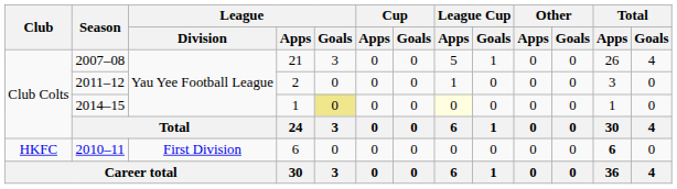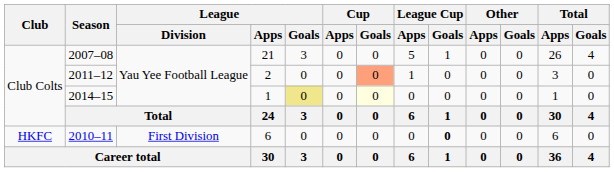 <table class="wikitable" style="text-align: center">
 <tr>
 <th rowspan="2">Club</th>
 <th rowspan="2">Season</th>
 <th colspan="3">League</th>
 <th colspan="2">Cup</th>
 <th colspan="2">League Cup</th>
 <th colspan="2">Other</th>
 <th colspan="2">Total</th>
 </tr>
 <tr>
 <th>Division</th>
 <th>Apps</th>
 <th>Goals</th>
 <th>Apps</th>
 <th>Goals</th>
 <th>Apps</th>
 <th>Goals</th>
 <th>Apps</th>
 <th>Goals</th>
 <th>Apps</th>
 <th>Goals</th>
 </tr>
 <tr>
 <td rowspan="4">Club Colts</td>
 <td>2007–08</td>
 <td rowspan="3">Yau Yee Football League</td>
 <td>21</td>
 <td>3</td>
 <td>0</td>
 <td>0</td>
 <td>5</td>
 <td>1</td>
 <td>0</td>
 <td>0</td>
 <td>26</td>
 <td>4</td>
 </tr>
 <tr>
 <td>2011–12</td>
 <td>2</td>
 <td>0</td>
 <td>0</td>
-<td>0</td>
+<td style="background: lightsalmon;">0</td>
 <td>1</td>
 <td>0</td>
 <td>0</td>
 <td>0</td>
 <td>3</td>
 <td>0</td>
 </tr>
 <tr>
 <td>2014–15</td>
 <td>1</td>
 <td style="background: khaki;">0</td>
 <td>0</td>
+<td style="background: lightyellow;">0</td>
 <td>0</td>
-<td style="background: lightyellow;">0</td>
 <td>0</td>
 <td>0</td>
 <td>0</td>
 <td>1</td>
 <td>0</td>
 </tr>
 <tr>
 <th colspan="2">Total</th>
 <th>24</th>
 <th>3</th>
 <th>0</th>
 <th>0</th>
 <th>6</th>
 <th>1</th>
 <th>0</th>
 <th>0</th>
 <th>30</th>
 <th>4</th>
 </tr>
 <tr>
 <td><a href='#'>HKFC</a></td>
 <td><a href='#'>2010–11</a></td>
 <td><a href='#'>First Division</a></td>
 <td>6</td>
 <td>0</td>
 <td>0</td>
 <td>0</td>
 <td>0</td>
+<td><strong>0</strong></td>
 <td>0</td>
 <td>0</td>
-<td>0</td>
-<td><strong>6</strong></td>
+<td>6</td>
 <td>0</td>
 </tr>
 <tr>
 <th colspan="3">Career total</th>
 <th>30</th>
 <th>3</th>
 <th>0</th>
 <th>0</th>
 <th>6</th>
 <th>1</th>
 <th>0</th>
 <th>0</th>
 <th>36</th>
 <th>4</th>
 </tr>
 </table>
